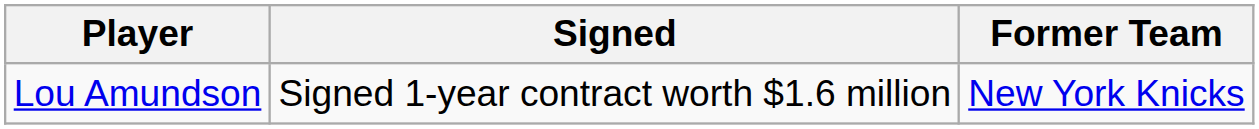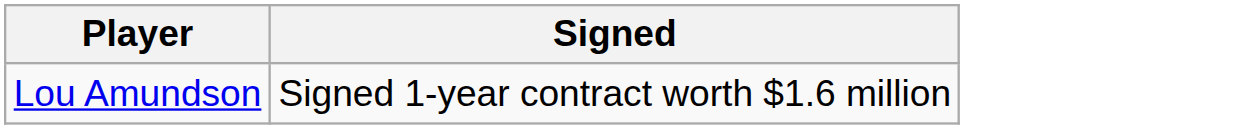 <table class="wikitable sortable sortable">
 <tr>
 <th>Player</th>
 <th>Signed</th>
-<th>Former Team</th>
 </tr>
 <tr style="text-align: center">
 <td><a href='#'>Lou Amundson</a></td>
 <td>Signed 1-year contract worth $1.6 million</td>
-<td><a href='#'>New York Knicks</a></td>
 </tr>
 </table>
